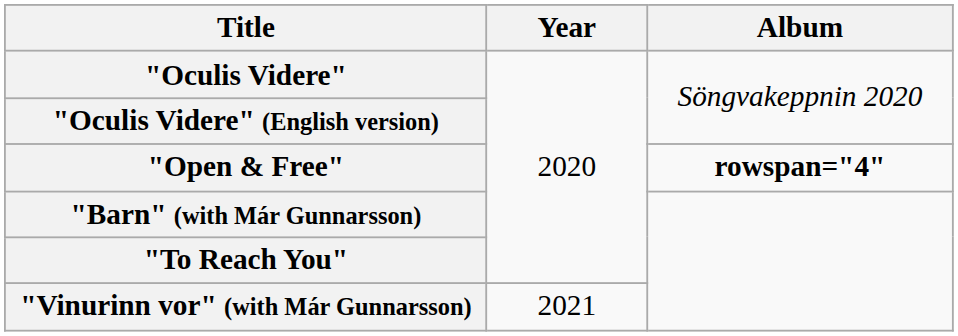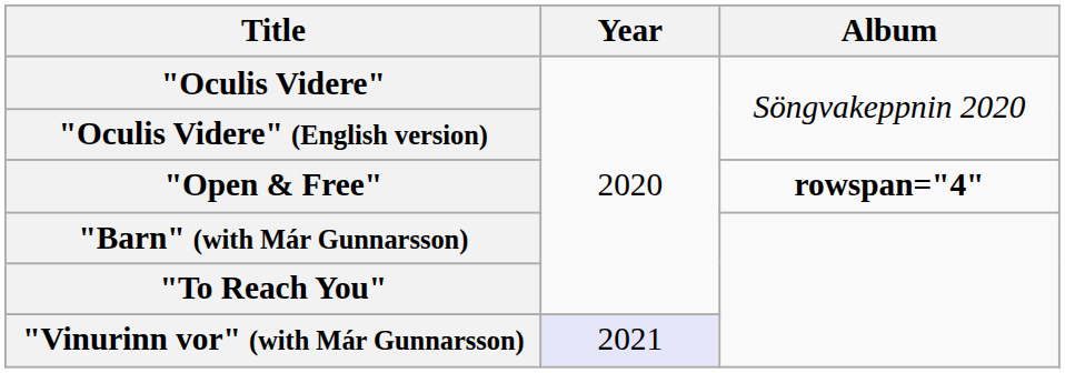 <table class="wikitable plainrowheaders" style="text-align:center;">
 <tr>
 <th scope="col" style="width:16em;">Title</th>
 <th scope="col" style="width:5em;">Year</th>
 <th scope="col" style="width:10em;">Album</th>
 </tr>
 <tr>
 <th scope="row">"Oculis Videre"</th>
 <td rowspan="5">2020</td>
 <td rowspan="2"><em>Söngvakeppnin 2020</em></td>
 </tr>
 <tr>
 <th scope="row">"Oculis Videre" <small>(English version)</small></th>
 </tr>
 <tr>
 <th scope="row">"Open & Free"</th>
 <td><strong>rowspan="4" </strong></td>
 </tr>
 <tr>
 <th scope="row">"Barn" <small>(with Már Gunnarsson)</small></th>
 </tr>
 <tr>
 <th scope="row">"To Reach You"</th>
 </tr>
 <tr>
 <th scope="row">"Vinurinn vor" <small>(with Már Gunnarsson)</small></th>
-<td>2021</td>
+<td style="background: lavender;">2021</td>
 </tr>
 </table>
